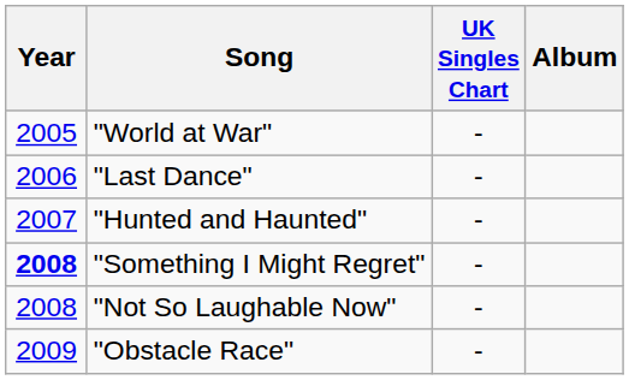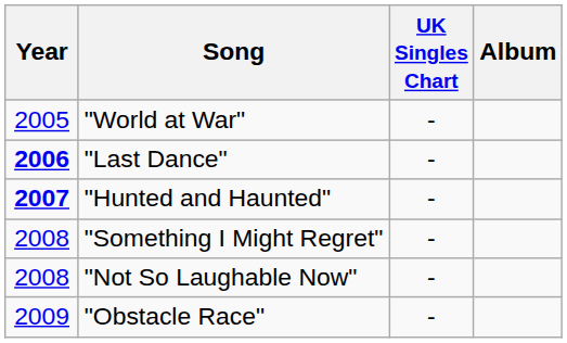 <table class="wikitable">
 <tr>
 <th width="40">Year</th>
 <th>Song</th>
 <th width="40"><small><a href='#'>UK Singles Chart</a></small></th>
 <th>Album</th>
 </tr>
 <tr>
 <td align="center"><a href='#'>2005</a></td>
 <td>"World at War"</td>
 <td align="center">-</td>
 <td></td>
 </tr>
 <tr>
-<td align="center"><a href='#'>2006</a></td>
+<td align="center"><strong><a href='#'>2006</a></strong></td>
 <td>"Last Dance"</td>
 <td align="center">-</td>
 <td></td>
 </tr>
 <tr>
-<td align="center"><a href='#'>2007</a></td>
+<td align="center"><strong><a href='#'>2007</a></strong></td>
 <td>"Hunted and Haunted"</td>
 <td align="center">-</td>
 <td></td>
 </tr>
 <tr>
-<td align="center"><strong><a href='#'>2008</a></strong></td>
+<td align="center"><a href='#'>2008</a></td>
 <td>"Something I Might Regret"</td>
 <td align="center">-</td>
 <td></td>
 </tr>
 <tr>
 <td align="center"><a href='#'>2008</a></td>
 <td>"Not So Laughable Now"</td>
 <td align="center">-</td>
 <td></td>
 </tr>
 <tr>
 <td align="center"><a href='#'>2009</a></td>
 <td>"Obstacle Race"</td>
 <td align="center">-</td>
 </tr>
 </table>
